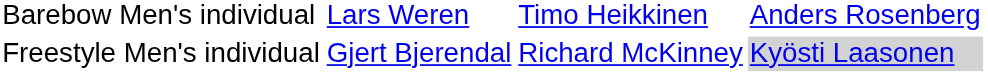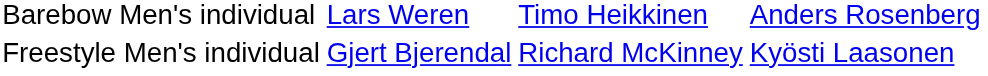 <table>
 <tr>
 <td>Barebow Men's individual<br></td>
 <td> <a href='#'>Lars Weren</a></td>
 <td> <a href='#'>Timo Heikkinen</a></td>
 <td> <a href='#'>Anders Rosenberg</a></td>
 </tr>
 <tr>
 <td>Freestyle Men's individual<br></td>
 <td> <a href='#'>Gjert Bjerendal</a></td>
 <td> <a href='#'>Richard McKinney</a></td>
-<td style="background: lightgrey;"> <a href='#'>Kyösti Laasonen</a></td>
+<td> <a href='#'>Kyösti Laasonen</a></td>
 </tr>
 </table>
